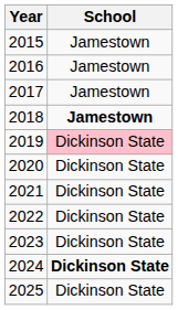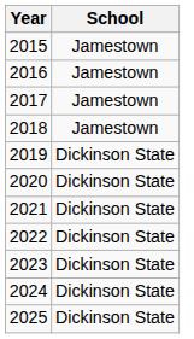 <table class="wikitable" style="text-align:center">
 <tr>
 <th>Year</th>
 <th>School</th>
 </tr>
 <tr>
 <td>2015</td>
 <td>Jamestown</td>
 </tr>
 <tr>
 <td>2016</td>
 <td>Jamestown</td>
 </tr>
 <tr>
 <td>2017</td>
 <td>Jamestown</td>
 </tr>
 <tr>
 <td>2018</td>
-<td><strong>Jamestown</strong></td>
+<td>Jamestown</td>
 </tr>
 <tr>
 <td>2019</td>
-<td style="background: pink;">Dickinson State</td>
+<td>Dickinson State</td>
 </tr>
 <tr>
 <td>2020</td>
 <td>Dickinson State</td>
 </tr>
 <tr>
 <td>2021</td>
 <td>Dickinson State</td>
 </tr>
 <tr>
 <td>2022</td>
 <td>Dickinson State</td>
 </tr>
 <tr>
 <td>2023</td>
 <td>Dickinson State</td>
 </tr>
 <tr>
 <td>2024</td>
-<td><strong>Dickinson State</strong></td>
+<td>Dickinson State</td>
 </tr>
 <tr>
 <td>2025</td>
 <td>Dickinson State</td>
 </tr>
 </table>
